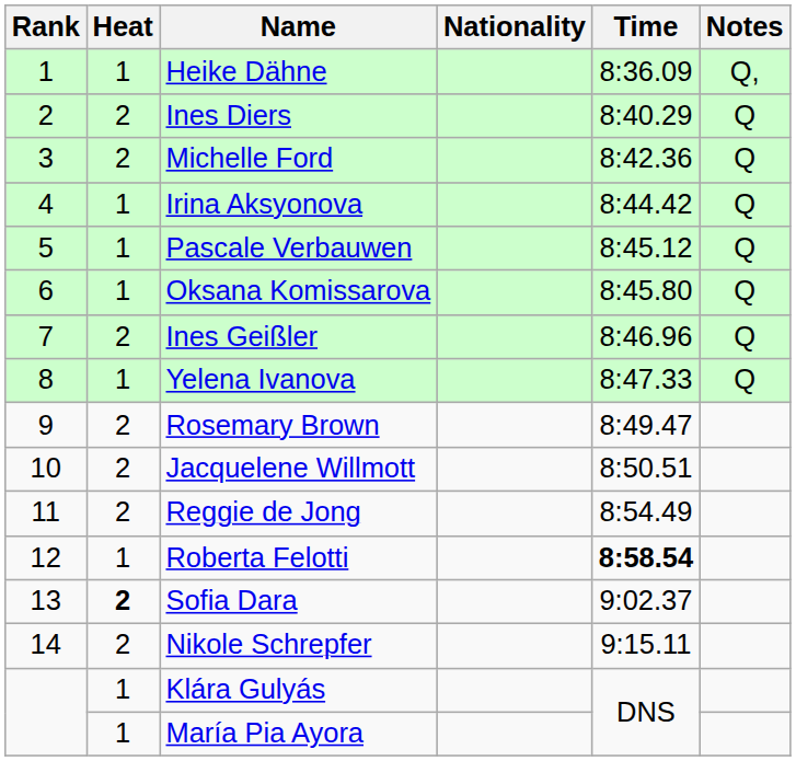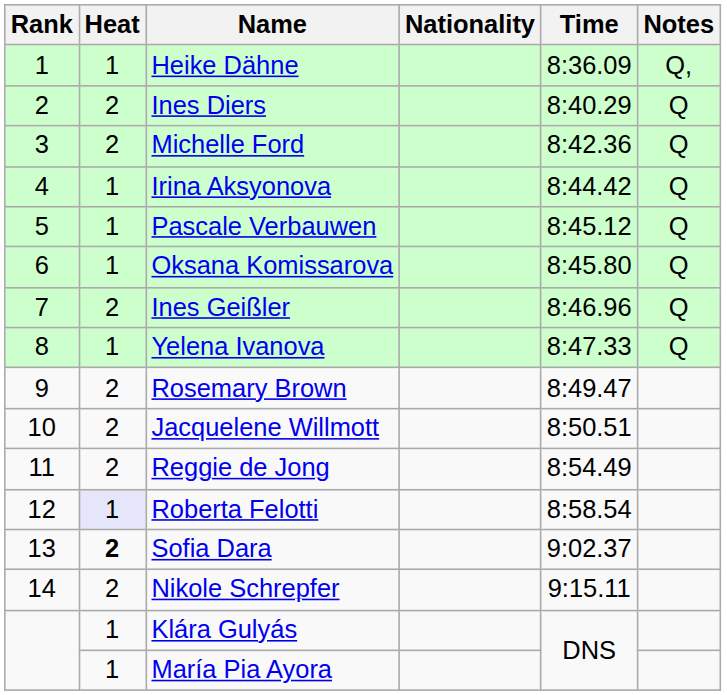 <table class="wikitable sortable" style="text-align:center">
 <tr>
 <th>Rank</th>
 <th>Heat</th>
 <th>Name</th>
 <th>Nationality</th>
 <th>Time</th>
 <th>Notes</th>
 </tr>
 <tr bgcolor=ccffcc>
 <td>1</td>
 <td>1</td>
 <td align=left><a href='#'>Heike Dähne</a></td>
 <td align=left></td>
 <td>8:36.09</td>
 <td>Q, </td>
 </tr>
 <tr bgcolor=ccffcc>
 <td>2</td>
 <td>2</td>
 <td align=left><a href='#'>Ines Diers</a></td>
 <td align=left></td>
 <td>8:40.29</td>
 <td>Q</td>
 </tr>
 <tr bgcolor=ccffcc>
 <td>3</td>
 <td>2</td>
 <td align=left><a href='#'>Michelle Ford</a></td>
 <td align=left></td>
 <td>8:42.36</td>
 <td>Q</td>
 </tr>
 <tr bgcolor=ccffcc>
 <td>4</td>
 <td>1</td>
 <td align=left><a href='#'>Irina Aksyonova</a></td>
 <td align=left></td>
 <td>8:44.42</td>
 <td>Q</td>
 </tr>
 <tr bgcolor=ccffcc>
 <td>5</td>
 <td>1</td>
 <td align=left><a href='#'>Pascale Verbauwen</a></td>
 <td align=left></td>
 <td>8:45.12</td>
 <td>Q</td>
 </tr>
 <tr bgcolor=ccffcc>
 <td>6</td>
 <td>1</td>
 <td align=left><a href='#'>Oksana Komissarova</a></td>
 <td align=left></td>
 <td>8:45.80</td>
 <td>Q</td>
 </tr>
 <tr bgcolor=ccffcc>
 <td>7</td>
 <td>2</td>
 <td align=left><a href='#'>Ines Geißler</a></td>
 <td align=left></td>
 <td>8:46.96</td>
 <td>Q</td>
 </tr>
 <tr bgcolor=ccffcc>
 <td>8</td>
 <td>1</td>
 <td align=left><a href='#'>Yelena Ivanova</a></td>
 <td align=left></td>
 <td>8:47.33</td>
 <td>Q</td>
 </tr>
 <tr>
 <td>9</td>
 <td>2</td>
 <td align=left><a href='#'>Rosemary Brown</a></td>
 <td align=left></td>
 <td>8:49.47</td>
 <td></td>
 </tr>
 <tr>
 <td>10</td>
 <td>2</td>
 <td align=left><a href='#'>Jacquelene Willmott</a></td>
 <td align=left></td>
 <td>8:50.51</td>
 <td></td>
 </tr>
 <tr>
 <td>11</td>
 <td>2</td>
 <td align=left><a href='#'>Reggie de Jong</a></td>
 <td align=left></td>
 <td>8:54.49</td>
 <td></td>
 </tr>
 <tr>
 <td>12</td>
-<td>1</td>
+<td style="background: lavender;">1</td>
 <td align=left><a href='#'>Roberta Felotti</a></td>
 <td align=left></td>
-<td><strong>8:58.54</strong></td>
+<td>8:58.54</td>
 <td></td>
 </tr>
 <tr>
 <td>13</td>
 <td><strong>2</strong></td>
 <td align=left><a href='#'>Sofia Dara</a></td>
 <td align=left></td>
 <td>9:02.37</td>
 <td></td>
 </tr>
 <tr>
 <td>14</td>
 <td>2</td>
 <td align=left><a href='#'>Nikole Schrepfer</a></td>
 <td align=left></td>
 <td>9:15.11</td>
 <td></td>
 </tr>
 <tr>
 <td rowspan=2></td>
 <td>1</td>
 <td align=left><a href='#'>Klára Gulyás</a></td>
 <td align=left></td>
 <td rowspan=2>DNS</td>
 <td></td>
 </tr>
 <tr>
 <td>1</td>
 <td align=left><a href='#'>María Pia Ayora</a></td>
 <td align=left></td>
 <td></td>
 </tr>
 </table>
